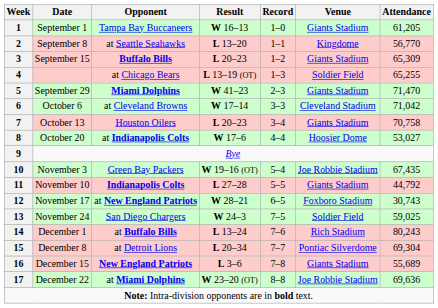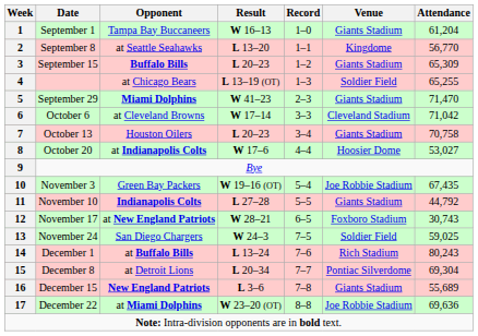 <table class="wikitable" style="text-align:center">
 <tr>
 <th>Week</th>
 <th>Date</th>
 <th>Opponent</th>
 <th>Result</th>
 <th>Record</th>
 <th>Venue</th>
 <th>Attendance</th>
 </tr>
 <tr style="background:#cfc">
 <th>1</th>
 <td>September 1</td>
 <td><a href='#'>Tampa Bay Buccaneers</a></td>
 <td><strong>W</strong> 16–13</td>
 <td>1–0</td>
 <td><a href='#'>Giants Stadium</a></td>
-<td>61,205</td>
+<td>61,204</td>
 </tr>
 <tr style="background:#fcc">
 <th>2</th>
 <td>September 8</td>
 <td>at <a href='#'>Seattle Seahawks</a></td>
 <td><strong>L</strong> 13–20</td>
 <td>1–1</td>
 <td><a href='#'>Kingdome</a></td>
 <td>56,770</td>
 </tr>
 <tr style="background:#fcc">
 <th>3</th>
 <td>September 15</td>
 <td><strong><a href='#'>Buffalo Bills</a></strong></td>
 <td><strong>L</strong> 20–23</td>
 <td>1–2</td>
 <td><a href='#'>Giants Stadium</a></td>
 <td>65,309</td>
 </tr>
 <tr style="background:#fcc">
 <th>4</th>
 <td></td>
 <td>at <a href='#'>Chicago Bears</a></td>
 <td><strong>L</strong> 13–19 <small>(OT)</small></td>
 <td>1–3</td>
 <td><a href='#'>Soldier Field</a></td>
 <td>65,255</td>
 </tr>
 <tr style="background:#cfc">
 <th>5</th>
 <td>September 29</td>
 <td><strong><a href='#'>Miami Dolphins</a></strong></td>
 <td><strong>W</strong> 41–23</td>
 <td>2–3</td>
 <td><a href='#'>Giants Stadium</a></td>
 <td>71,470</td>
 </tr>
 <tr style="background:#cfc">
 <th>6</th>
 <td>October 6</td>
 <td>at <a href='#'>Cleveland Browns</a></td>
 <td><strong>W</strong> 17–14</td>
 <td>3–3</td>
 <td><a href='#'>Cleveland Stadium</a></td>
 <td>71,042</td>
 </tr>
 <tr style="background:#fcc">
 <th>7</th>
 <td>October 13</td>
 <td><a href='#'>Houston Oilers</a></td>
 <td><strong>L</strong> 20–23</td>
 <td>3–4</td>
 <td><a href='#'>Giants Stadium</a></td>
 <td>70,758</td>
 </tr>
 <tr style="background:#cfc">
 <th>8</th>
 <td>October 20</td>
 <td>at <strong><a href='#'>Indianapolis Colts</a></strong></td>
 <td><strong>W</strong> 17–6</td>
 <td>4–4</td>
 <td><a href='#'>Hoosier Dome</a></td>
 <td>53,027</td>
 </tr>
 <tr>
 <th>9</th>
 <td colspan="7"><em><a href='#'>Bye</a></em></td>
 </tr>
 <tr style="background:#cfc">
 <th>10</th>
 <td>November 3</td>
 <td><a href='#'>Green Bay Packers</a></td>
 <td><strong>W</strong> 19–16 <small>(OT)</small></td>
 <td>5–4</td>
 <td><a href='#'>Joe Robbie Stadium</a></td>
 <td>67,435</td>
 </tr>
 <tr style="background:#fcc">
 <th>11</th>
 <td>November 10</td>
 <td><strong><a href='#'>Indianapolis Colts</a></strong></td>
 <td><strong>L</strong> 27–28</td>
 <td>5–5</td>
 <td><a href='#'>Giants Stadium</a></td>
 <td>44,792</td>
 </tr>
 <tr style="background:#cfc">
 <th>12</th>
 <td>November 17</td>
 <td>at <strong><a href='#'>New England Patriots</a></strong></td>
 <td><strong>W</strong> 28–21</td>
 <td>6–5</td>
 <td><a href='#'>Foxboro Stadium</a></td>
 <td>30,743</td>
 </tr>
 <tr style="background:#cfc">
 <th>13</th>
 <td>November 24</td>
 <td><a href='#'>San Diego Chargers</a></td>
 <td><strong>W</strong> 24–3</td>
 <td>7–5</td>
 <td><a href='#'>Soldier Field</a></td>
 <td>59,025</td>
 </tr>
 <tr style="background:#fcc">
 <th>14</th>
 <td>December 1</td>
 <td>at <strong><a href='#'>Buffalo Bills</a></strong></td>
 <td><strong>L</strong> 13–24</td>
 <td>7–6</td>
 <td><a href='#'>Rich Stadium</a></td>
 <td>80,243</td>
 </tr>
 <tr style="background:#fcc">
 <th>15</th>
 <td>December 8</td>
 <td>at <a href='#'>Detroit Lions</a></td>
 <td><strong>L</strong> 20–34</td>
 <td>7–7</td>
 <td><a href='#'>Pontiac Silverdome</a></td>
 <td>69,304</td>
 </tr>
 <tr style="background:#fcc">
 <th>16</th>
 <td>December 15</td>
 <td><strong><a href='#'>New England Patriots</a></strong></td>
 <td><strong>L</strong> 3–6</td>
 <td>7–8</td>
 <td><a href='#'>Giants Stadium</a></td>
 <td>55,689</td>
 </tr>
 <tr style="background:#cfc">
 <th>17</th>
 <td>December 22</td>
 <td>at <strong><a href='#'>Miami Dolphins</a></strong></td>
 <td><strong>W</strong> 23–20 <small>(OT)</small></td>
 <td>8–8</td>
 <td><a href='#'>Joe Robbie Stadium</a></td>
 <td>69,636</td>
 </tr>
 <tr>
 <td colspan="8"><strong>Note:</strong> Intra-division opponents are in <strong>bold</strong> text.</td>
 </tr>
 </table>
